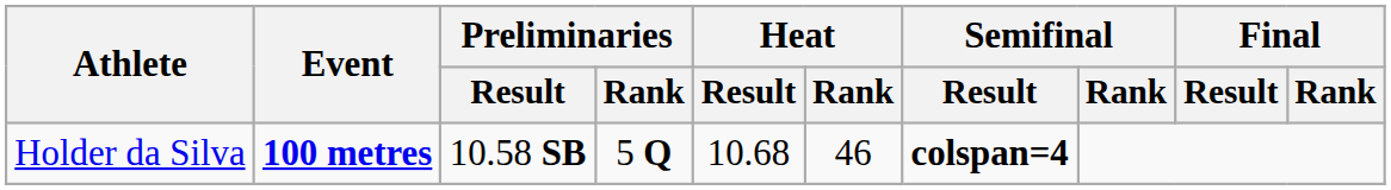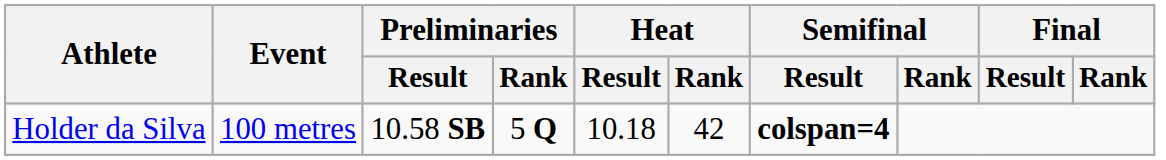 <table class="wikitable" style="font-size:90%">
 <tr>
 <th rowspan="2">Athlete</th>
 <th rowspan="2">Event</th>
 <th colspan="2">Preliminaries</th>
 <th colspan="2">Heat</th>
 <th colspan="2">Semifinal</th>
 <th colspan="2">Final</th>
 </tr>
 <tr style="font-size:95%">
 <th>Result</th>
 <th>Rank</th>
 <th>Result</th>
 <th>Rank</th>
 <th>Result</th>
 <th>Rank</th>
 <th>Result</th>
 <th>Rank</th>
 </tr>
 <tr style=text-align:center>
 <td style=text-align:left><a href='#'>Holder da Silva</a></td>
-<td style=text-align:left><strong><a href='#'>100 metres</a></strong></td>
+<td style=text-align:left><a href='#'>100 metres</a></td>
 <td>10.58 <strong>SB</strong></td>
 <td>5 <strong>Q</strong></td>
-<td>10.68</td>
-<td>46</td>
+<td>10.18</td>
+<td>42</td>
 <td><strong>colspan=4 </strong></td>
 </tr>
 </table>
